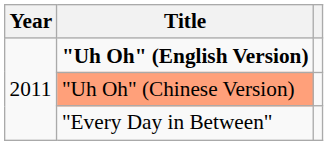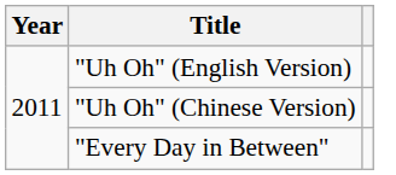 <table class="wikitable sortable">
 <tr>
 <th>Year</th>
 <th>Title</th>
 <th class="unsortable"></th>
 </tr>
 <tr>
 <td rowspan="3">2011</td>
-<td><strong>"Uh Oh" (English Version)</strong></td>
+<td>"Uh Oh" (English Version)</td>
 <td align="center"></td>
 </tr>
 <tr>
-<td style="background: lightsalmon;">"Uh Oh" (Chinese Version)</td>
+<td>"Uh Oh" (Chinese Version)</td>
 <td align="center"></td>
 </tr>
 <tr>
 <td>"Every Day in Between"</td>
 <td align="center"></td>
 </tr>
 </table>
